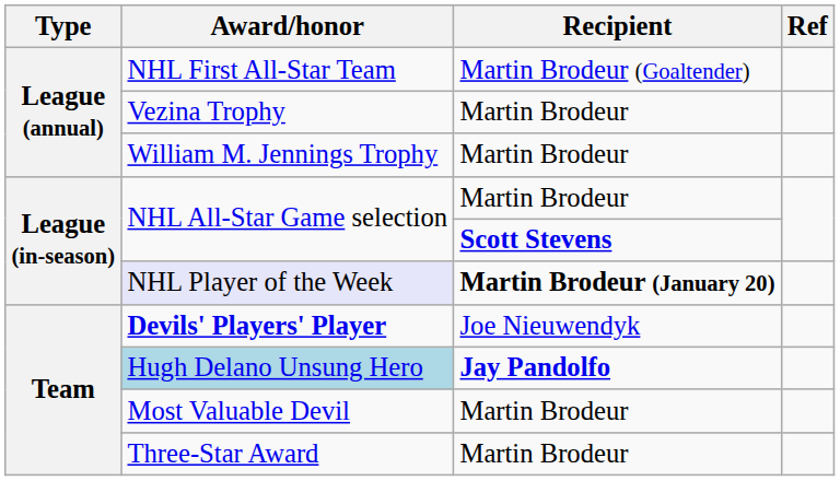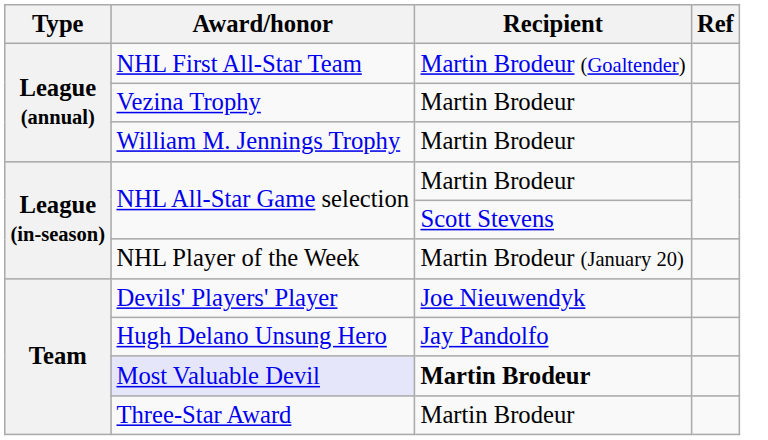 <table class="wikitable">
 <tr>
 <th scope="col">Type</th>
 <th scope="col">Award/honor</th>
 <th scope="col">Recipient</th>
 <th scope="col">Ref</th>
 </tr>
 <tr>
 <th scope="row" rowspan="3">League<br><small>(annual)</small></th>
 <td><a href='#'>NHL First All-Star Team</a></td>
 <td><a href='#'>Martin Brodeur</a> <small>(<a href='#'>Goaltender</a>)</small></td>
 <td></td>
 </tr>
 <tr>
 <td><a href='#'>Vezina Trophy</a></td>
 <td>Martin Brodeur</td>
 <td></td>
 </tr>
 <tr>
 <td><a href='#'>William M. Jennings Trophy</a></td>
 <td>Martin Brodeur</td>
 <td></td>
 </tr>
 <tr>
 <th scope="row" rowspan="3">League<br><small>(in-season)</small></th>
 <td rowspan="2"><a href='#'>NHL All-Star Game</a> selection</td>
 <td>Martin Brodeur</td>
 <td rowspan="2"></td>
 </tr>
 <tr>
-<td><strong><a href='#'>Scott Stevens</a></strong></td>
+<td><a href='#'>Scott Stevens</a></td>
 </tr>
 <tr>
-<td style="background: lavender;">NHL Player of the Week</td>
-<td><strong>Martin Brodeur <small>(January 20)</small></strong></td>
+<td>NHL Player of the Week</td>
+<td>Martin Brodeur <small>(January 20)</small></td>
 <td></td>
 </tr>
 <tr>
 <th scope="row" rowspan="4">Team</th>
-<td><strong><a href='#'>Devils' Players' Player</a></strong></td>
+<td><a href='#'>Devils' Players' Player</a></td>
 <td><a href='#'>Joe Nieuwendyk</a></td>
 <td></td>
 </tr>
 <tr>
-<td style="background: lightblue;"><a href='#'>Hugh Delano Unsung Hero</a></td>
-<td><strong><a href='#'>Jay Pandolfo</a></strong></td>
+<td><a href='#'>Hugh Delano Unsung Hero</a></td>
+<td><a href='#'>Jay Pandolfo</a></td>
 <td></td>
 </tr>
 <tr>
-<td><a href='#'>Most Valuable Devil</a></td>
-<td>Martin Brodeur</td>
+<td style="background: lavender;"><a href='#'>Most Valuable Devil</a></td>
+<td><strong>Martin Brodeur</strong></td>
 <td></td>
 </tr>
 <tr>
 <td><a href='#'>Three-Star Award</a></td>
 <td>Martin Brodeur</td>
 <td></td>
 </tr>
 </table>
